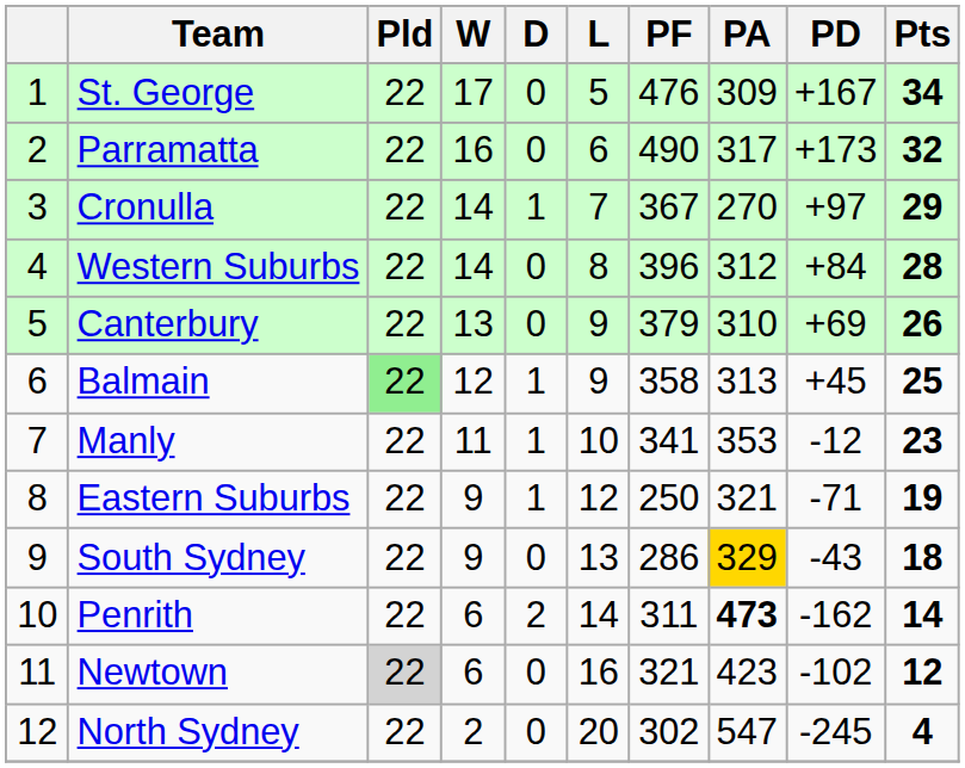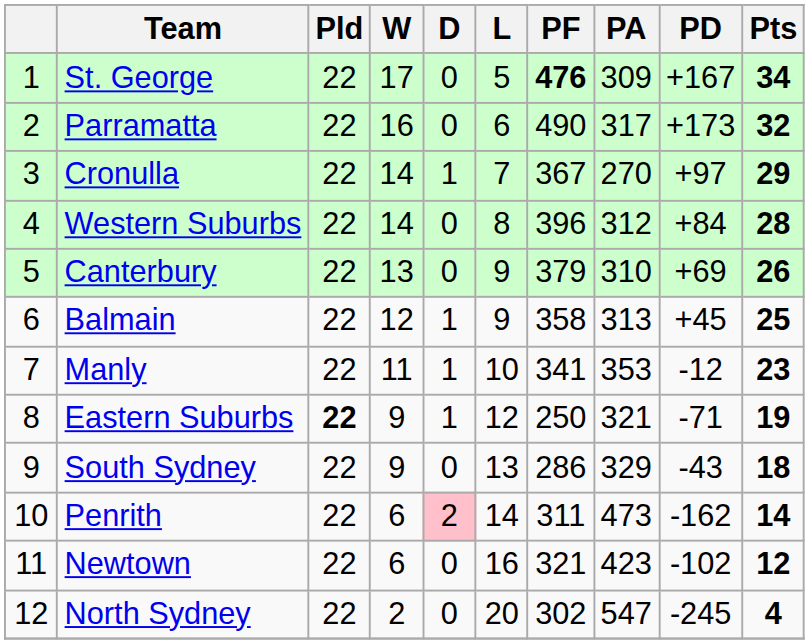 <table class="wikitable" style="text-align:center;">
 <tr>
 <th width=20 abbr="Position×"></th>
 <th>Team</th>
 <th width=20 abbr="Played">Pld</th>
 <th width=20 abbr="Won">W</th>
 <th width=20 abbr="Drawn">D</th>
 <th width=20 abbr="Lost">L</th>
 <th width=20 abbr="Points for">PF</th>
 <th width=20 abbr="Points against">PA</th>
 <th width=20 abbr="Points difference">PD</th>
 <th width=20 abbr="Points">Pts</th>
 </tr>
 <tr style="background: #ccffcc;">
 <td>1</td>
 <td style="text-align:left;"> <a href='#'>St. George</a></td>
 <td>22</td>
 <td>17</td>
 <td>0</td>
 <td>5</td>
-<td>476</td>
+<td><strong>476</strong></td>
 <td>309</td>
 <td>+167</td>
 <td><strong>34</strong></td>
 </tr>
 <tr style="background: #ccffcc;">
 <td>2</td>
 <td style="text-align:left;"> <a href='#'>Parramatta</a></td>
 <td>22</td>
 <td>16</td>
 <td>0</td>
 <td>6</td>
 <td>490</td>
 <td>317</td>
 <td>+173</td>
 <td><strong>32</strong></td>
 </tr>
 <tr style="background: #ccffcc;">
 <td>3</td>
 <td style="text-align:left;"> <a href='#'>Cronulla</a></td>
 <td>22</td>
 <td>14</td>
 <td>1</td>
 <td>7</td>
 <td>367</td>
 <td>270</td>
 <td>+97</td>
 <td><strong>29</strong></td>
 </tr>
 <tr style="background: #ccffcc;">
 <td>4</td>
 <td style="text-align:left;"> <a href='#'>Western Suburbs</a></td>
 <td>22</td>
 <td>14</td>
 <td>0</td>
 <td>8</td>
 <td>396</td>
 <td>312</td>
 <td>+84</td>
 <td><strong>28</strong></td>
 </tr>
 <tr style="background: #ccffcc;">
 <td>5</td>
 <td style="text-align:left;"> <a href='#'>Canterbury</a></td>
 <td>22</td>
 <td>13</td>
 <td>0</td>
 <td>9</td>
 <td>379</td>
 <td>310</td>
 <td>+69</td>
 <td><strong>26</strong></td>
 </tr>
 <tr>
 <td>6</td>
 <td style="text-align:left;"> <a href='#'>Balmain</a></td>
-<td style="background: lightgreen;">22</td>
+<td>22</td>
 <td>12</td>
 <td>1</td>
 <td>9</td>
 <td>358</td>
 <td>313</td>
 <td>+45</td>
 <td><strong>25</strong></td>
 </tr>
 <tr>
 <td>7</td>
 <td style="text-align:left;"> <a href='#'>Manly</a></td>
 <td>22</td>
 <td>11</td>
 <td>1</td>
 <td>10</td>
 <td>341</td>
 <td>353</td>
 <td>-12</td>
 <td><strong>23</strong></td>
 </tr>
 <tr>
 <td>8</td>
 <td style="text-align:left;"> <a href='#'>Eastern Suburbs</a></td>
-<td>22</td>
+<td><strong>22</strong></td>
 <td>9</td>
 <td>1</td>
 <td>12</td>
 <td>250</td>
 <td>321</td>
 <td>-71</td>
 <td><strong>19</strong></td>
 </tr>
 <tr>
 <td>9</td>
 <td style="text-align:left;"> <a href='#'>South Sydney</a></td>
 <td>22</td>
 <td>9</td>
 <td>0</td>
 <td>13</td>
 <td>286</td>
-<td style="background: gold;">329</td>
+<td>329</td>
 <td>-43</td>
 <td><strong>18</strong></td>
 </tr>
 <tr>
 <td>10</td>
 <td style="text-align:left;"> <a href='#'>Penrith</a></td>
 <td>22</td>
 <td>6</td>
-<td>2</td>
+<td style="background: pink;">2</td>
 <td>14</td>
 <td>311</td>
-<td><strong>473</strong></td>
+<td>473</td>
 <td>-162</td>
 <td><strong>14</strong></td>
 </tr>
 <tr>
 <td>11</td>
 <td style="text-align:left;"> <a href='#'>Newtown</a></td>
-<td style="background: lightgrey;">22</td>
+<td>22</td>
 <td>6</td>
 <td>0</td>
 <td>16</td>
 <td>321</td>
 <td>423</td>
 <td>-102</td>
 <td><strong>12</strong></td>
 </tr>
 <tr>
 <td>12</td>
 <td style="text-align:left;"> <a href='#'>North Sydney</a></td>
 <td>22</td>
 <td>2</td>
 <td>0</td>
 <td>20</td>
 <td>302</td>
 <td>547</td>
 <td>-245</td>
 <td><strong>4</strong></td>
 </tr>
 <tr>
 </tr>
 </table>
